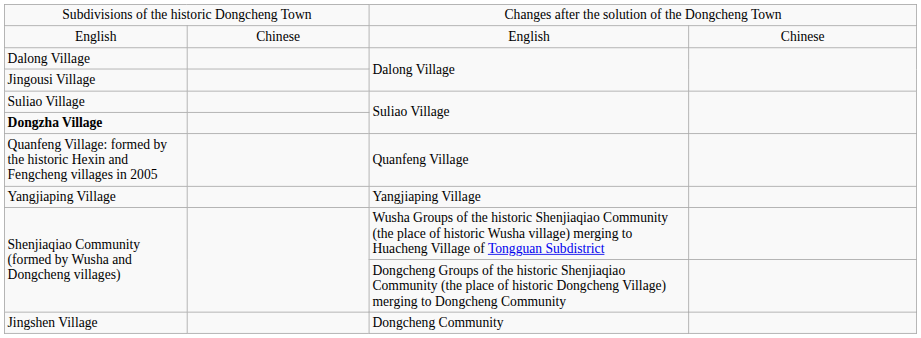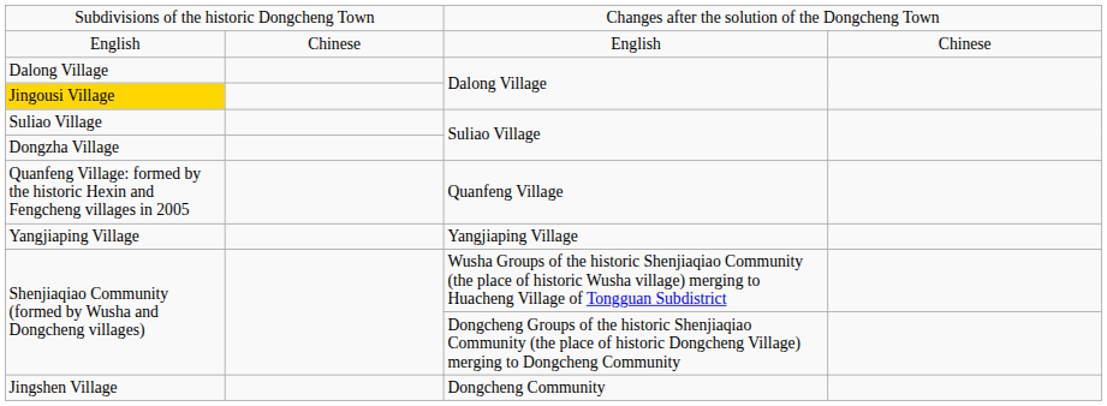 <table class="wikitable" width=85%>
 <tr align=center>
 <td colspan=2>Subdivisions of the historic Dongcheng Town</td>
 <td colspan=2>Changes after the solution of the Dongcheng Town</td>
 </tr>
 <tr align=center>
 <td width=20%>English</td>
 <td width=20%>Chinese</td>
 <td width=35%>English</td>
 <td width=25%>Chinese</td>
 </tr>
 <tr>
 <td>Dalong Village</td>
 <td></td>
 <td rowspan=2>Dalong Village</td>
 <td rowspan=2></td>
 </tr>
 <tr>
-<td>Jingousi Village</td>
+<td style="background: gold;">Jingousi Village</td>
 <td></td>
 </tr>
 <tr>
 <td>Suliao Village</td>
 <td></td>
 <td rowspan=2>Suliao Village</td>
 <td rowspan=2></td>
 </tr>
 <tr>
-<td><strong>Dongzha Village</strong></td>
+<td>Dongzha Village</td>
 <td></td>
 </tr>
 <tr>
 <td>Quanfeng Village: formed by the historic Hexin and Fengcheng villages in 2005</td>
 <td></td>
 <td>Quanfeng Village</td>
 <td></td>
 </tr>
 <tr>
 <td>Yangjiaping Village</td>
 <td></td>
 <td>Yangjiaping Village</td>
 <td></td>
 </tr>
 <tr>
 <td rowspan=3>Shenjiaqiao Community (formed by Wusha and Dongcheng villages)</td>
 <td rowspan=3></td>
 <td>Wusha Groups of the historic Shenjiaqiao Community (the place of historic Wusha village) merging to Huacheng Village of <a href='#'>Tongguan Subdistrict</a></td>
 <td></td>
 </tr>
 <tr>
 <td>Dongcheng Groups of the historic Shenjiaqiao Community (the place of historic Dongcheng Village) merging to Dongcheng Community</td>
 <td></td>
 </tr>
 <tr>
 <td rowspan=2>Dongcheng Community</td>
 <td rowspan=2></td>
 </tr>
 <tr>
 <td>Jingshen Village</td>
 <td></td>
 </tr>
 </table>
